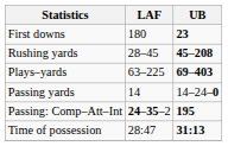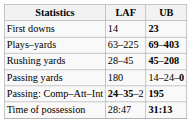 <table class="wikitable" style="float: left;">
 <tr>
 <th>Statistics</th>
 <th>LAF</th>
 <th>UB</th>
 </tr>
 <tr>
 <td>First downs</td>
-<td>180</td>
+<td>14</td>
 <td><strong>23</strong></td>
+</tr>
+<tr>
+<td>Plays–yards</td>
+<td>63–225</td>
+<td><strong>69</strong>–<strong>403</strong></td>
 </tr>
 <tr>
 <td>Rushing yards</td>
 <td>28–45</td>
 <td><strong>45</strong>–<strong>208</strong></td>
 </tr>
 <tr>
-<td>Plays–yards</td>
-<td>63–225</td>
-<td><strong>69</strong>–<strong>403</strong></td>
-</tr>
-<tr>
 <td>Passing yards</td>
-<td>14</td>
+<td>180</td>
 <td>14–24–<strong>0</strong></td>
 </tr>
 <tr>
 <td>Passing: Comp–Att–Int</td>
 <td><strong>24</strong>–<strong>35</strong>–2</td>
 <td><strong>195</strong></td>
 </tr>
 <tr>
 <td>Time of possession</td>
 <td>28:47</td>
 <td><strong>31:13</strong></td>
 </tr>
 <tr>
 </tr>
 </table>
